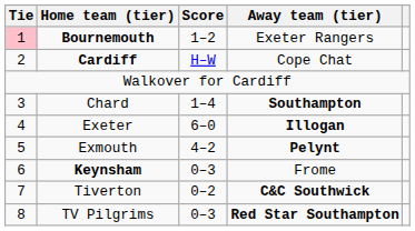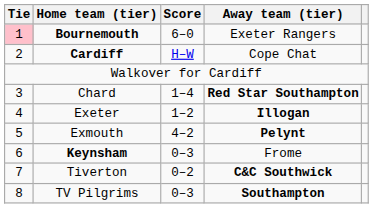 <table class="wikitable" style="text-align:center; font-size:85%">
 <tr>
 <th>Tie</th>
 <th>Home team (tier)</th>
 <th>Score</th>
 <th>Away team (tier)</th>
 <th></th>
 </tr>
 <tr>
 <td align="center" style="background: pink;">1</td>
 <td><strong>Bournemouth</strong></td>
-<td align="center">1–2</td>
+<td align="center">6–0</td>
 <td>Exeter Rangers</td>
 <td></td>
 </tr>
 <tr>
 <td align="center">2</td>
 <td><strong>Cardiff</strong></td>
 <td align="center"><a href='#'>H–W</a></td>
 <td>Cope Chat</td>
 <td></td>
 </tr>
 <tr>
 <td colspan="5" align="center">Walkover for Cardiff</td>
 </tr>
 <tr>
 <td align="center">3</td>
 <td>Chard</td>
 <td align="center">1–4</td>
-<td><strong>Southampton</strong></td>
+<td><strong>Red Star Southampton</strong></td>
 <td></td>
 </tr>
 <tr>
 <td align="center">4</td>
 <td>Exeter</td>
-<td align="center">6–0</td>
+<td align="center">1–2</td>
 <td><strong>Illogan</strong></td>
 <td></td>
 </tr>
 <tr>
 <td align="center">5</td>
 <td>Exmouth</td>
 <td align="center">4–2</td>
 <td><strong>Pelynt</strong></td>
 <td></td>
 </tr>
 <tr>
 <td align="center">6</td>
 <td><strong>Keynsham</strong></td>
 <td align="center">0–3</td>
 <td>Frome</td>
 <td></td>
 </tr>
 <tr>
 <td align="center">7</td>
 <td>Tiverton</td>
 <td align="center">0–2</td>
 <td><strong>C&C Southwick</strong></td>
 <td></td>
 </tr>
 <tr>
 <td align="center">8</td>
 <td>TV Pilgrims</td>
 <td align="center">0–3</td>
-<td><strong>Red Star Southampton</strong></td>
+<td><strong>Southampton</strong></td>
 <td></td>
 </tr>
 </table>
